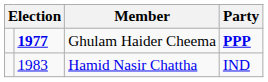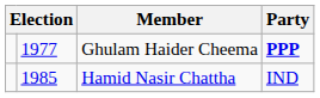 <table class="wikitable">
 <tr>
 <th colspan="2">Election</th>
 <th>Member</th>
 <th>Party</th>
 </tr>
 <tr>
 <td style="background-color: "></td>
-<td><strong><a href='#'>1977</a></strong></td>
+<td><a href='#'>1977</a></td>
 <td>Ghulam Haider Cheema</td>
 <td><strong><a href='#'>PPP</a></strong></td>
 </tr>
 <tr>
 <td style="background-color: "></td>
-<td><a href='#'>1983</a></td>
+<td><a href='#'>1985</a></td>
 <td><a href='#'>Hamid Nasir Chattha</a></td>
 <td><a href='#'>IND</a></td>
 </tr>
 </table>
